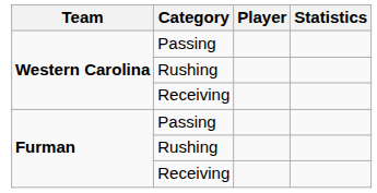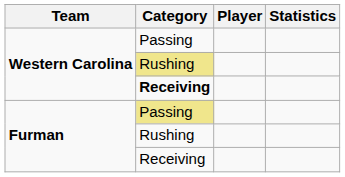 <table class="wikitable" style="float: right;">
 <tr>
 <th>Team</th>
 <th>Category</th>
 <th>Player</th>
 <th>Statistics</th>
 </tr>
 <tr>
 <td rowspan=3><strong>Western Carolina</strong></td>
 <td>Passing</td>
 <td></td>
 <td></td>
 </tr>
 <tr>
-<td>Rushing</td>
+<td style="background: khaki;">Rushing</td>
 <td></td>
 <td></td>
 </tr>
 <tr>
-<td>Receiving</td>
+<td><strong>Receiving</strong></td>
 <td></td>
 <td></td>
 </tr>
 <tr>
 <td rowspan=3><strong>Furman</strong></td>
-<td>Passing</td>
+<td style="background: khaki;">Passing</td>
 <td></td>
 <td></td>
 </tr>
 <tr>
 <td>Rushing</td>
 <td></td>
 <td></td>
 </tr>
 <tr>
 <td>Receiving</td>
 <td></td>
 <td></td>
 </tr>
 </table>
